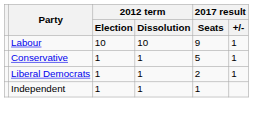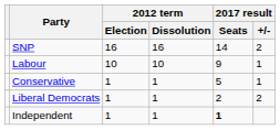 <table class="wikitable">
 <tr>
 <th rowspan="2"></th>
 <th rowspan="2">Party</th>
 <th colspan="2">2012 term</th>
 <th colspan="2">2017 result</th>
 </tr>
 <tr>
 <th>Election</th>
 <th>Dissolution</th>
 <th>Seats</th>
 <th>+/-</th>
+</tr>
+<tr>
+<td style="background:"></td>
+<td><a href='#'>SNP</a></td>
+<td>16</td>
+<td>16</td>
+<td>14</td>
+<td> 2</td>
 </tr>
 <tr>
 <td style="background:"></td>
 <td><a href='#'>Labour</a></td>
 <td>10</td>
 <td>10</td>
 <td>9</td>
 <td> 1</td>
 </tr>
 <tr>
 <td style="background:"></td>
 <td><a href='#'>Conservative</a></td>
 <td>1</td>
 <td>1</td>
 <td>5</td>
 <td> 1</td>
 </tr>
 <tr>
 <td style="background:"></td>
 <td><a href='#'>Liberal Democrats</a></td>
 <td>1</td>
 <td>1</td>
 <td>2</td>
-<td> 1</td>
+<td> 2</td>
 </tr>
 <tr>
 <td style="background:"></td>
 <td>Independent</td>
 <td>1</td>
 <td>1</td>
-<td>1</td>
+<td><strong>1</strong></td>
 <td></td>
 </tr>
 </table>
